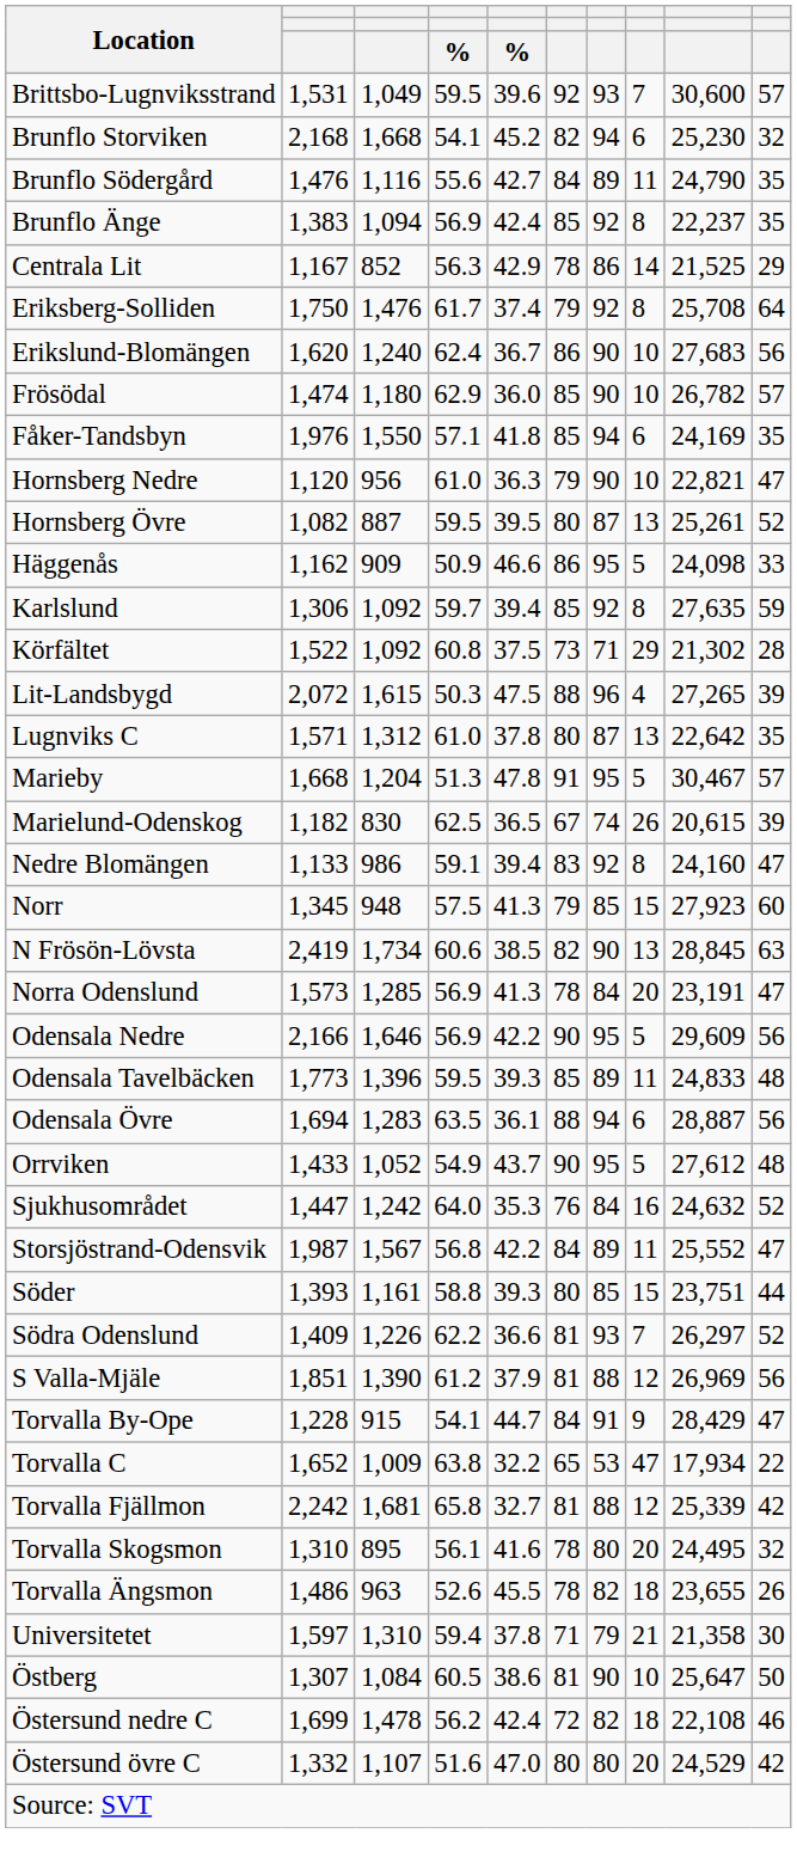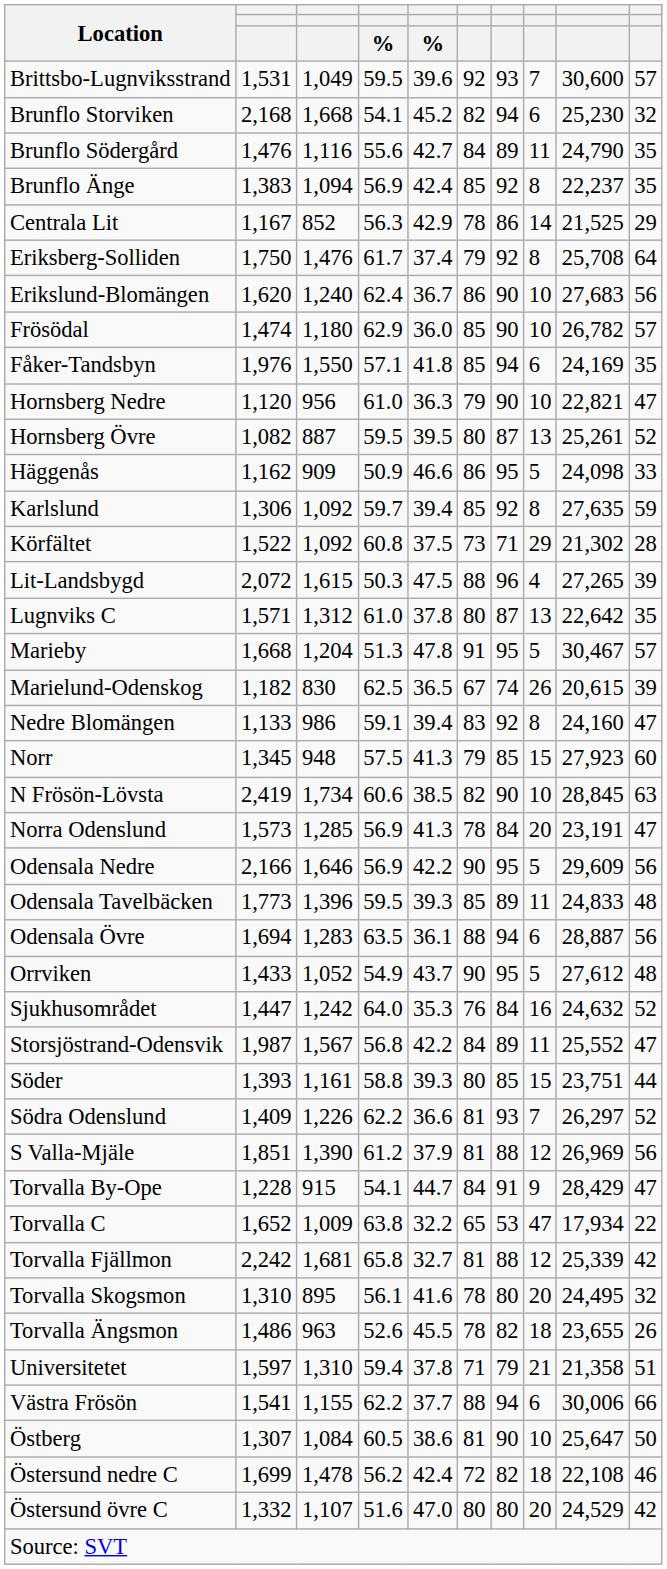 <table role="presentation" class="wikitable sortable mw-collapsible mw-collapsed">
 <tr>
 <th rowspan="3">Location</th>
 <th></th>
 <th></th>
 <th></th>
 <th></th>
 <th></th>
 <th></th>
 <th></th>
 <th></th>
 <th></th>
 </tr>
 <tr>
 <th></th>
 <th></th>
 <th style="background:"></th>
 <th style="background:"></th>
 <th></th>
 <th></th>
 <th></th>
 <th></th>
 <th></th>
 </tr>
 <tr>
 <th data-sort-type="number"></th>
 <th data-sort-type="number"></th>
 <th data-sort-type="number">%</th>
 <th data-sort-type="number">%</th>
 <th data-sort-type="number"></th>
 <th data-sort-type="number"></th>
 <th data-sort-type="number"></th>
 <th data-sort-type="number"></th>
 <th data-sort-type="number"></th>
 </tr>
 <tr>
 <td align="left">Brittsbo-Lugnviksstrand</td>
 <td>1,531</td>
 <td>1,049</td>
 <td>59.5</td>
 <td>39.6</td>
 <td>92</td>
 <td>93</td>
 <td>7</td>
 <td>30,600</td>
 <td>57</td>
 </tr>
 <tr>
 <td align="left">Brunflo Storviken</td>
 <td>2,168</td>
 <td>1,668</td>
 <td>54.1</td>
 <td>45.2</td>
 <td>82</td>
 <td>94</td>
 <td>6</td>
 <td>25,230</td>
 <td>32</td>
 </tr>
 <tr>
 <td align="left">Brunflo Södergård</td>
 <td>1,476</td>
 <td>1,116</td>
 <td>55.6</td>
 <td>42.7</td>
 <td>84</td>
 <td>89</td>
 <td>11</td>
 <td>24,790</td>
 <td>35</td>
 </tr>
 <tr>
 <td align="left">Brunflo Änge</td>
 <td>1,383</td>
 <td>1,094</td>
 <td>56.9</td>
 <td>42.4</td>
 <td>85</td>
 <td>92</td>
 <td>8</td>
 <td>22,237</td>
 <td>35</td>
 </tr>
 <tr>
 <td align="left">Centrala Lit</td>
 <td>1,167</td>
 <td>852</td>
 <td>56.3</td>
 <td>42.9</td>
 <td>78</td>
 <td>86</td>
 <td>14</td>
 <td>21,525</td>
 <td>29</td>
 </tr>
 <tr>
 <td align="left">Eriksberg-Solliden</td>
 <td>1,750</td>
 <td>1,476</td>
 <td>61.7</td>
 <td>37.4</td>
 <td>79</td>
 <td>92</td>
 <td>8</td>
 <td>25,708</td>
 <td>64</td>
 </tr>
 <tr>
 <td align="left">Erikslund-Blomängen</td>
 <td>1,620</td>
 <td>1,240</td>
 <td>62.4</td>
 <td>36.7</td>
 <td>86</td>
 <td>90</td>
 <td>10</td>
 <td>27,683</td>
 <td>56</td>
 </tr>
 <tr>
 <td align="left">Frösödal</td>
 <td>1,474</td>
 <td>1,180</td>
 <td>62.9</td>
 <td>36.0</td>
 <td>85</td>
 <td>90</td>
 <td>10</td>
 <td>26,782</td>
 <td>57</td>
 </tr>
 <tr>
 <td align="left">Fåker-Tandsbyn</td>
 <td>1,976</td>
 <td>1,550</td>
 <td>57.1</td>
 <td>41.8</td>
 <td>85</td>
 <td>94</td>
 <td>6</td>
 <td>24,169</td>
 <td>35</td>
 </tr>
 <tr>
 <td align="left">Hornsberg Nedre</td>
 <td>1,120</td>
 <td>956</td>
 <td>61.0</td>
 <td>36.3</td>
 <td>79</td>
 <td>90</td>
 <td>10</td>
 <td>22,821</td>
 <td>47</td>
 </tr>
 <tr>
 <td align="left">Hornsberg Övre</td>
 <td>1,082</td>
 <td>887</td>
 <td>59.5</td>
 <td>39.5</td>
 <td>80</td>
 <td>87</td>
 <td>13</td>
 <td>25,261</td>
 <td>52</td>
 </tr>
 <tr>
 <td align="left">Häggenås</td>
 <td>1,162</td>
 <td>909</td>
 <td>50.9</td>
 <td>46.6</td>
 <td>86</td>
 <td>95</td>
 <td>5</td>
 <td>24,098</td>
 <td>33</td>
 </tr>
 <tr>
 <td align="left">Karlslund</td>
 <td>1,306</td>
 <td>1,092</td>
 <td>59.7</td>
 <td>39.4</td>
 <td>85</td>
 <td>92</td>
 <td>8</td>
 <td>27,635</td>
 <td>59</td>
 </tr>
 <tr>
 <td align="left">Körfältet</td>
 <td>1,522</td>
 <td>1,092</td>
 <td>60.8</td>
 <td>37.5</td>
 <td>73</td>
 <td>71</td>
 <td>29</td>
 <td>21,302</td>
 <td>28</td>
 </tr>
 <tr>
 <td align="left">Lit-Landsbygd</td>
 <td>2,072</td>
 <td>1,615</td>
 <td>50.3</td>
 <td>47.5</td>
 <td>88</td>
 <td>96</td>
 <td>4</td>
 <td>27,265</td>
 <td>39</td>
 </tr>
 <tr>
 <td align="left">Lugnviks C</td>
 <td>1,571</td>
 <td>1,312</td>
 <td>61.0</td>
 <td>37.8</td>
 <td>80</td>
 <td>87</td>
 <td>13</td>
 <td>22,642</td>
 <td>35</td>
 </tr>
 <tr>
 <td align="left">Marieby</td>
 <td>1,668</td>
 <td>1,204</td>
 <td>51.3</td>
 <td>47.8</td>
 <td>91</td>
 <td>95</td>
 <td>5</td>
 <td>30,467</td>
 <td>57</td>
 </tr>
 <tr>
 <td align="left">Marielund-Odenskog</td>
 <td>1,182</td>
 <td>830</td>
 <td>62.5</td>
 <td>36.5</td>
 <td>67</td>
 <td>74</td>
 <td>26</td>
 <td>20,615</td>
 <td>39</td>
 </tr>
 <tr>
 <td align="left">Nedre Blomängen</td>
 <td>1,133</td>
 <td>986</td>
 <td>59.1</td>
 <td>39.4</td>
 <td>83</td>
 <td>92</td>
 <td>8</td>
 <td>24,160</td>
 <td>47</td>
 </tr>
 <tr>
 <td align="left">Norr</td>
 <td>1,345</td>
 <td>948</td>
 <td>57.5</td>
 <td>41.3</td>
 <td>79</td>
 <td>85</td>
 <td>15</td>
 <td>27,923</td>
 <td>60</td>
 </tr>
 <tr>
 <td align="left">N Frösön-Lövsta</td>
 <td>2,419</td>
 <td>1,734</td>
 <td>60.6</td>
 <td>38.5</td>
 <td>82</td>
 <td>90</td>
-<td>13</td>
+<td>10</td>
 <td>28,845</td>
 <td>63</td>
 </tr>
 <tr>
 <td align="left">Norra Odenslund</td>
 <td>1,573</td>
 <td>1,285</td>
 <td>56.9</td>
 <td>41.3</td>
 <td>78</td>
 <td>84</td>
 <td>20</td>
 <td>23,191</td>
 <td>47</td>
 </tr>
 <tr>
 <td align="left">Odensala Nedre</td>
 <td>2,166</td>
 <td>1,646</td>
 <td>56.9</td>
 <td>42.2</td>
 <td>90</td>
 <td>95</td>
 <td>5</td>
 <td>29,609</td>
 <td>56</td>
 </tr>
 <tr>
 <td align="left">Odensala Tavelbäcken</td>
 <td>1,773</td>
 <td>1,396</td>
 <td>59.5</td>
 <td>39.3</td>
 <td>85</td>
 <td>89</td>
 <td>11</td>
 <td>24,833</td>
 <td>48</td>
 </tr>
 <tr>
 <td align="left">Odensala Övre</td>
 <td>1,694</td>
 <td>1,283</td>
 <td>63.5</td>
 <td>36.1</td>
 <td>88</td>
 <td>94</td>
 <td>6</td>
 <td>28,887</td>
 <td>56</td>
 </tr>
 <tr>
 <td align="left">Orrviken</td>
 <td>1,433</td>
 <td>1,052</td>
 <td>54.9</td>
 <td>43.7</td>
 <td>90</td>
 <td>95</td>
 <td>5</td>
 <td>27,612</td>
 <td>48</td>
 </tr>
 <tr>
 <td align="left">Sjukhusområdet</td>
 <td>1,447</td>
 <td>1,242</td>
 <td>64.0</td>
 <td>35.3</td>
 <td>76</td>
 <td>84</td>
 <td>16</td>
 <td>24,632</td>
 <td>52</td>
 </tr>
 <tr>
 <td align="left">Storsjöstrand-Odensvik</td>
 <td>1,987</td>
 <td>1,567</td>
 <td>56.8</td>
 <td>42.2</td>
 <td>84</td>
 <td>89</td>
 <td>11</td>
 <td>25,552</td>
 <td>47</td>
 </tr>
 <tr>
 <td align="left">Söder</td>
 <td>1,393</td>
 <td>1,161</td>
 <td>58.8</td>
 <td>39.3</td>
 <td>80</td>
 <td>85</td>
 <td>15</td>
 <td>23,751</td>
 <td>44</td>
 </tr>
 <tr>
 <td align="left">Södra Odenslund</td>
 <td>1,409</td>
 <td>1,226</td>
 <td>62.2</td>
 <td>36.6</td>
 <td>81</td>
 <td>93</td>
 <td>7</td>
 <td>26,297</td>
 <td>52</td>
 </tr>
 <tr>
 <td align="left">S Valla-Mjäle</td>
 <td>1,851</td>
 <td>1,390</td>
 <td>61.2</td>
 <td>37.9</td>
 <td>81</td>
 <td>88</td>
 <td>12</td>
 <td>26,969</td>
 <td>56</td>
 </tr>
 <tr>
 <td align="left">Torvalla By-Ope</td>
 <td>1,228</td>
 <td>915</td>
 <td>54.1</td>
 <td>44.7</td>
 <td>84</td>
 <td>91</td>
 <td>9</td>
 <td>28,429</td>
 <td>47</td>
 </tr>
 <tr>
 <td align="left">Torvalla C</td>
 <td>1,652</td>
 <td>1,009</td>
 <td>63.8</td>
 <td>32.2</td>
 <td>65</td>
 <td>53</td>
 <td>47</td>
 <td>17,934</td>
 <td>22</td>
 </tr>
 <tr>
 <td align="left">Torvalla Fjällmon</td>
 <td>2,242</td>
 <td>1,681</td>
 <td>65.8</td>
 <td>32.7</td>
 <td>81</td>
 <td>88</td>
 <td>12</td>
 <td>25,339</td>
 <td>42</td>
 </tr>
 <tr>
 <td align="left">Torvalla Skogsmon</td>
 <td>1,310</td>
 <td>895</td>
 <td>56.1</td>
 <td>41.6</td>
 <td>78</td>
 <td>80</td>
 <td>20</td>
 <td>24,495</td>
 <td>32</td>
 </tr>
 <tr>
 <td align="left">Torvalla Ängsmon</td>
 <td>1,486</td>
 <td>963</td>
 <td>52.6</td>
 <td>45.5</td>
 <td>78</td>
 <td>82</td>
 <td>18</td>
 <td>23,655</td>
 <td>26</td>
 </tr>
 <tr>
 <td align="left">Universitetet</td>
 <td>1,597</td>
 <td>1,310</td>
 <td>59.4</td>
 <td>37.8</td>
 <td>71</td>
 <td>79</td>
 <td>21</td>
 <td>21,358</td>
-<td>30</td>
+<td>51</td>
+</tr>
+<tr>
+<td align="left">Västra Frösön</td>
+<td>1,541</td>
+<td>1,155</td>
+<td>62.2</td>
+<td>37.7</td>
+<td>88</td>
+<td>94</td>
+<td>6</td>
+<td>30,006</td>
+<td>66</td>
 </tr>
 <tr>
 <td align="left">Östberg</td>
 <td>1,307</td>
 <td>1,084</td>
 <td>60.5</td>
 <td>38.6</td>
 <td>81</td>
 <td>90</td>
 <td>10</td>
 <td>25,647</td>
 <td>50</td>
 </tr>
 <tr>
 <td align="left">Östersund nedre C</td>
 <td>1,699</td>
 <td>1,478</td>
 <td>56.2</td>
 <td>42.4</td>
 <td>72</td>
 <td>82</td>
 <td>18</td>
 <td>22,108</td>
 <td>46</td>
 </tr>
 <tr>
 <td align="left">Östersund övre C</td>
 <td>1,332</td>
 <td>1,107</td>
 <td>51.6</td>
 <td>47.0</td>
 <td>80</td>
 <td>80</td>
 <td>20</td>
 <td>24,529</td>
 <td>42</td>
 </tr>
 <tr>
 <td colspan="10" align="left">Source: <a href='#'>SVT</a></td>
 </tr>
 </table>
